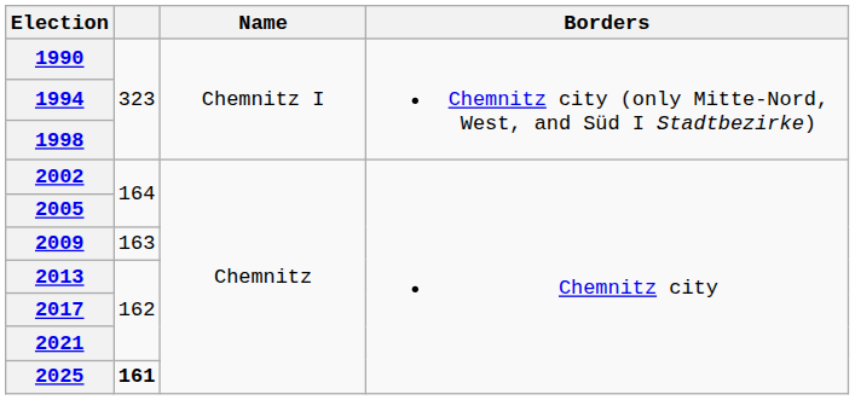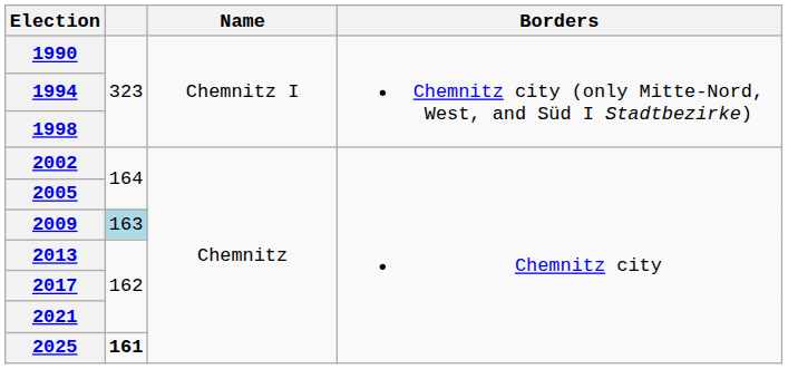 <table class=wikitable style="text-align:center">
 <tr>
 <th>Election</th>
 <th></th>
 <th width=125px>Name</th>
 <th width=300px>Borders</th>
 </tr>
 <tr>
 <th><a href='#'>1990</a></th>
 <td rowspan=3>323</td>
 <td rowspan=3>Chemnitz I</td>
 <td rowspan=3><br><ul><li><a href='#'>Chemnitz</a> city (only Mitte-Nord, West, and Süd I <em>Stadtbezirke</em>)</li></ul></td>
 </tr>
 <tr>
 <th><a href='#'>1994</a></th>
 </tr>
 <tr>
 <th><a href='#'>1998</a></th>
 </tr>
 <tr>
 <th><a href='#'>2002</a></th>
 <td rowspan=2>164</td>
 <td rowspan=7>Chemnitz</td>
 <td rowspan=7><br><ul><li><a href='#'>Chemnitz</a> city</li></ul></td>
 </tr>
 <tr>
 <th><a href='#'>2005</a></th>
 </tr>
 <tr>
 <th><a href='#'>2009</a></th>
-<td>163</td>
+<td style="background: lightblue;">163</td>
 </tr>
 <tr>
 <th><a href='#'>2013</a></th>
 <td rowspan=3>162</td>
 </tr>
 <tr>
 <th><a href='#'>2017</a></th>
 </tr>
 <tr>
 <th><a href='#'>2021</a></th>
 </tr>
 <tr>
 <th><a href='#'>2025</a></th>
 <td><strong>161</strong></td>
 </tr>
 </table>
